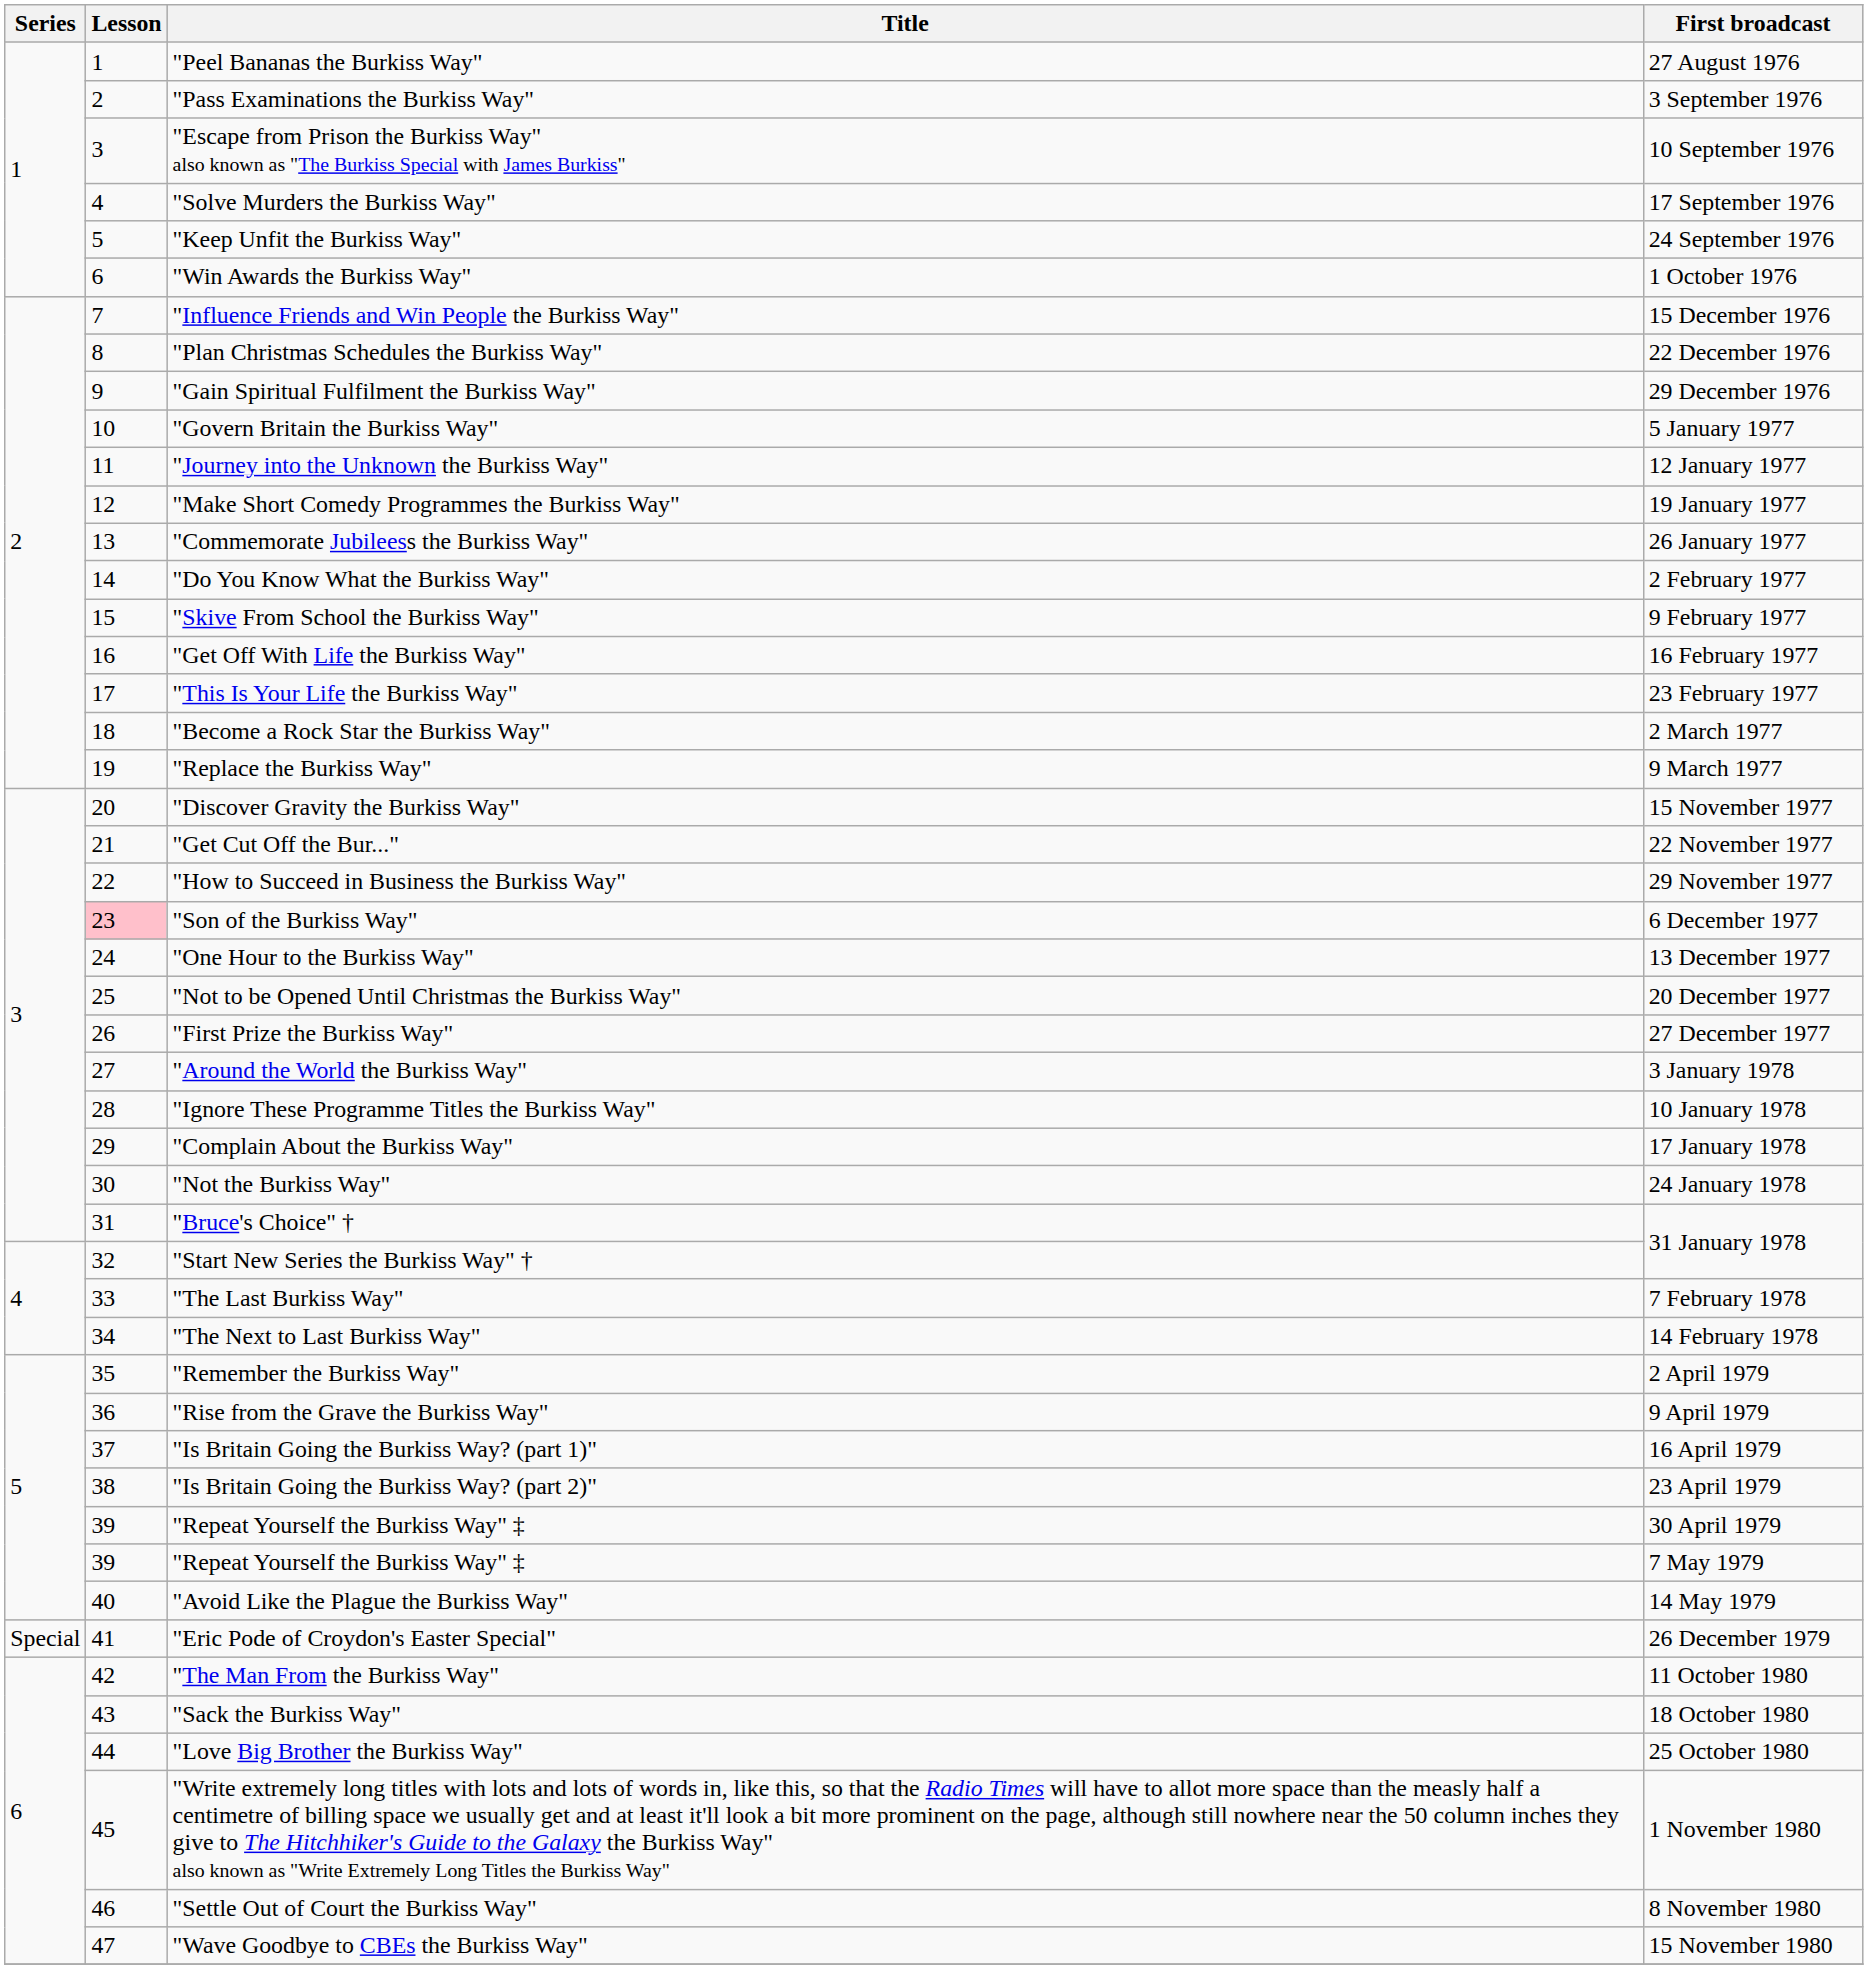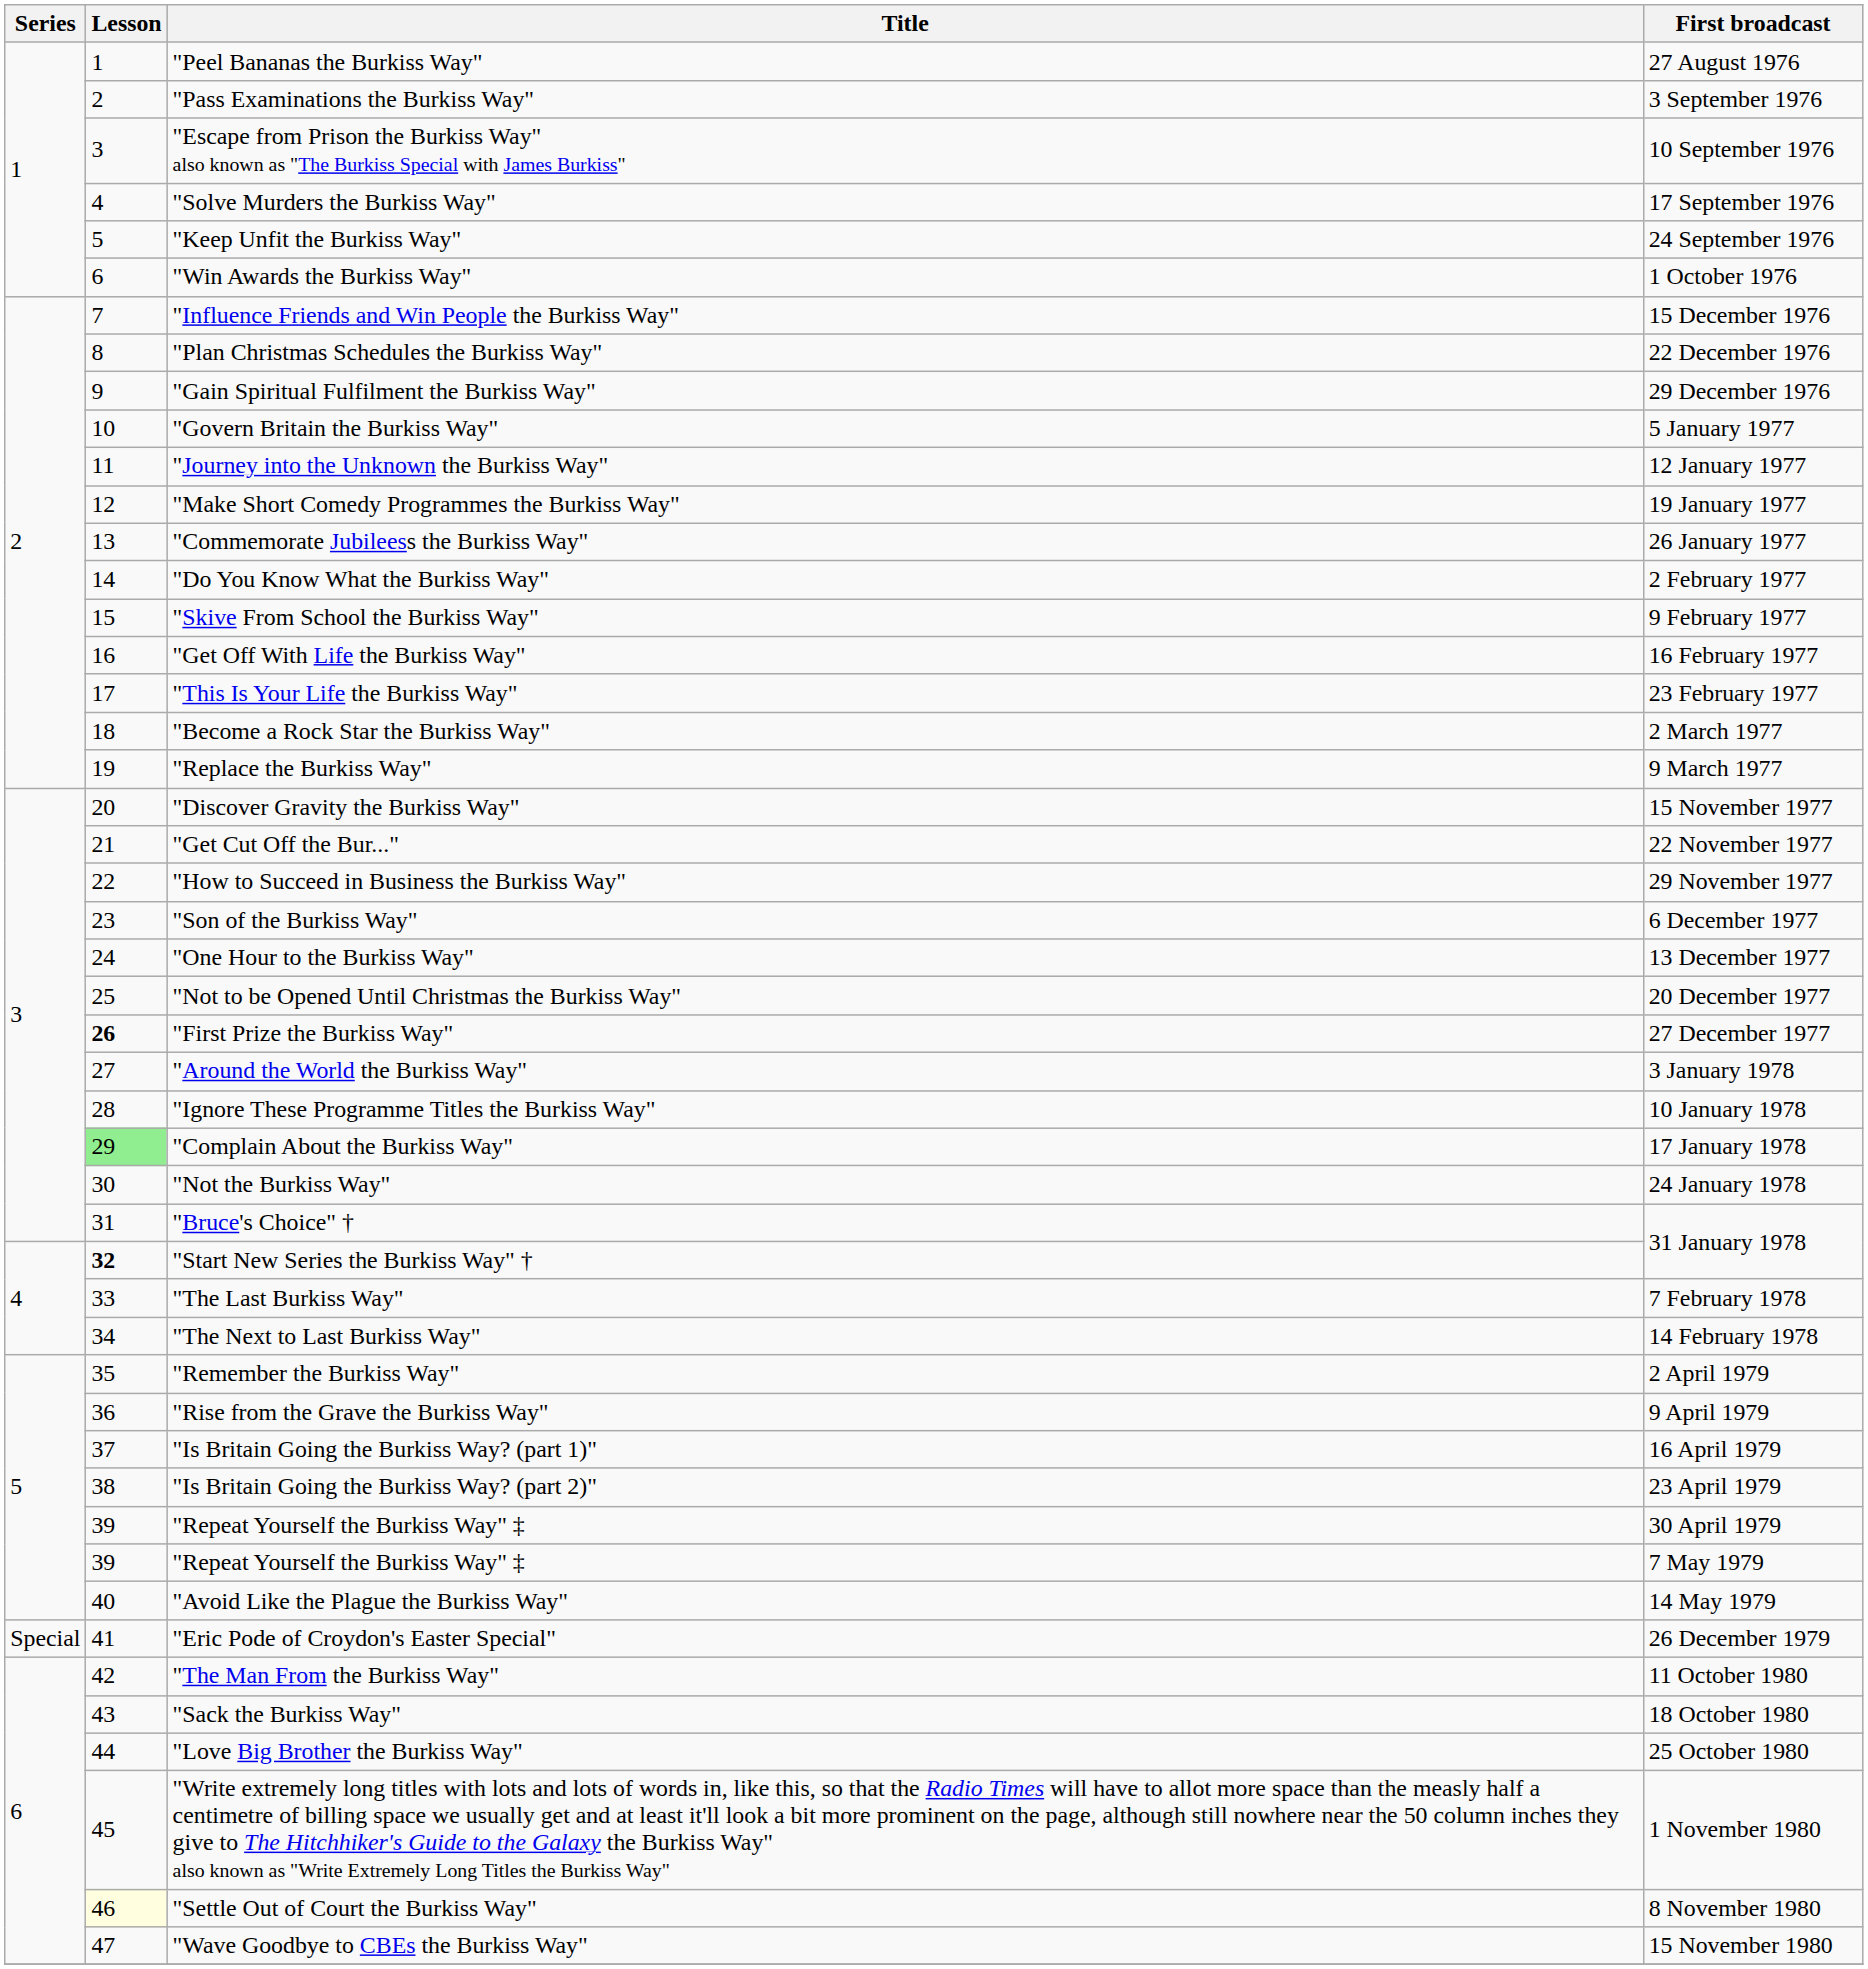 <table class="wikitable">
 <tr>
 <th>Series</th>
 <th>Lesson</th>
 <th>Title</th>
 <th scope="col" width="140">First broadcast</th>
 </tr>
 <tr>
 <td rowspan="6">1</td>
 <td>1</td>
 <td>"Peel Bananas the Burkiss Way"</td>
 <td>27 August 1976</td>
 </tr>
 <tr>
 <td>2</td>
 <td>"Pass Examinations the Burkiss Way"</td>
 <td>3 September 1976</td>
 </tr>
 <tr>
 <td>3</td>
 <td>"Escape from Prison the Burkiss Way"<br><small>also known as "<a href='#'>The Burkiss Special</a> with <a href='#'>James Burkiss</a>"</small></td>
 <td>10 September 1976</td>
 </tr>
 <tr>
 <td>4</td>
 <td>"Solve Murders the Burkiss Way"</td>
 <td>17 September 1976</td>
 </tr>
 <tr>
 <td>5</td>
 <td>"Keep Unfit the Burkiss Way"</td>
 <td>24 September 1976</td>
 </tr>
 <tr>
 <td>6</td>
 <td>"Win Awards the Burkiss Way"</td>
 <td>1 October 1976</td>
 </tr>
 <tr>
 <td rowspan="13">2</td>
 <td>7</td>
 <td>"<a href='#'>Influence Friends and Win People</a> the Burkiss Way"</td>
 <td>15 December 1976</td>
 </tr>
 <tr>
 <td>8</td>
 <td>"Plan Christmas Schedules the Burkiss Way"</td>
 <td>22 December 1976</td>
 </tr>
 <tr>
 <td>9</td>
 <td>"Gain Spiritual Fulfilment the Burkiss Way"</td>
 <td>29 December 1976</td>
 </tr>
 <tr>
 <td>10</td>
 <td>"Govern Britain the Burkiss Way"</td>
 <td>5 January 1977</td>
 </tr>
 <tr>
 <td>11</td>
 <td>"<a href='#'>Journey into the Unknown</a> the Burkiss Way"</td>
 <td>12 January 1977</td>
 </tr>
 <tr>
 <td>12</td>
 <td>"Make Short Comedy Programmes the Burkiss Way"</td>
 <td>19 January 1977</td>
 </tr>
 <tr>
 <td>13</td>
 <td>"Commemorate <a href='#'>Jubilees</a>s the Burkiss Way"</td>
 <td>26 January 1977</td>
 </tr>
 <tr>
 <td>14</td>
 <td>"Do You Know What the Burkiss Way"</td>
 <td>2 February 1977</td>
 </tr>
 <tr>
 <td>15</td>
 <td>"<a href='#'>Skive</a> From School the Burkiss Way"</td>
 <td>9 February 1977</td>
 </tr>
 <tr>
 <td>16</td>
 <td>"Get Off With <a href='#'>Life</a> the Burkiss Way"</td>
 <td>16 February 1977</td>
 </tr>
 <tr>
 <td>17</td>
 <td>"<a href='#'>This Is Your Life</a> the Burkiss Way"</td>
 <td>23 February 1977</td>
 </tr>
 <tr>
 <td>18</td>
 <td>"Become a Rock Star the Burkiss Way"</td>
 <td>2 March 1977</td>
 </tr>
 <tr>
 <td>19</td>
 <td>"Replace the Burkiss Way"</td>
 <td>9 March 1977</td>
 </tr>
 <tr>
 <td rowspan="12">3</td>
 <td>20</td>
 <td>"Discover Gravity the Burkiss Way"</td>
 <td>15 November 1977</td>
 </tr>
 <tr>
 <td>21</td>
 <td>"Get Cut Off the Bur..."</td>
 <td>22 November 1977</td>
 </tr>
 <tr>
 <td>22</td>
 <td>"How to Succeed in Business the Burkiss Way"</td>
 <td>29 November 1977</td>
 </tr>
 <tr>
-<td style="background: pink;">23</td>
+<td>23</td>
 <td>"Son of the Burkiss Way"</td>
 <td>6 December 1977</td>
 </tr>
 <tr>
 <td>24</td>
 <td>"One Hour to the Burkiss Way"</td>
 <td>13 December 1977</td>
 </tr>
 <tr>
 <td>25</td>
 <td>"Not to be Opened Until Christmas the Burkiss Way"</td>
 <td>20 December 1977</td>
 </tr>
 <tr>
-<td>26</td>
+<td><strong>26</strong></td>
 <td>"First Prize the Burkiss Way"</td>
 <td>27 December 1977</td>
 </tr>
 <tr>
 <td>27</td>
 <td>"<a href='#'>Around the World</a> the Burkiss Way"</td>
 <td>3 January 1978</td>
 </tr>
 <tr>
 <td>28</td>
 <td>"Ignore These Programme Titles the Burkiss Way"</td>
 <td>10 January 1978</td>
 </tr>
 <tr>
-<td>29</td>
+<td style="background: lightgreen;">29</td>
 <td>"Complain About the Burkiss Way"</td>
 <td>17 January 1978</td>
 </tr>
 <tr>
 <td>30</td>
 <td>"Not the Burkiss Way"</td>
 <td>24 January 1978</td>
 </tr>
 <tr>
 <td>31</td>
 <td>"<a href='#'>Bruce</a>'s Choice" †</td>
 <td rowspan="2">31 January 1978</td>
 </tr>
 <tr>
 <td rowspan="3">4</td>
-<td>32</td>
+<td><strong>32</strong></td>
 <td>"Start New Series the Burkiss Way" †</td>
 </tr>
 <tr>
 <td>33</td>
 <td>"The Last Burkiss Way"</td>
 <td>7 February 1978</td>
 </tr>
 <tr>
 <td>34</td>
 <td>"The Next to Last Burkiss Way"</td>
 <td>14 February 1978</td>
 </tr>
 <tr>
 <td rowspan="7">5</td>
 <td>35</td>
 <td>"Remember the Burkiss Way"</td>
 <td>2 April 1979</td>
 </tr>
 <tr>
 <td>36</td>
 <td>"Rise from the Grave the Burkiss Way"</td>
 <td>9 April 1979</td>
 </tr>
 <tr>
 <td>37</td>
 <td>"Is Britain Going the Burkiss Way? (part 1)"</td>
 <td>16 April 1979</td>
 </tr>
 <tr>
 <td>38</td>
 <td>"Is Britain Going the Burkiss Way? (part 2)"</td>
 <td>23 April 1979</td>
 </tr>
 <tr>
 <td>39</td>
 <td>"Repeat Yourself the Burkiss Way" ‡</td>
 <td>30 April 1979</td>
 </tr>
 <tr>
 <td>39</td>
 <td>"Repeat Yourself the Burkiss Way" ‡</td>
 <td>7 May 1979 </td>
 </tr>
 <tr>
 <td>40</td>
 <td>"Avoid Like the Plague the Burkiss Way"</td>
 <td>14 May 1979</td>
 </tr>
 <tr>
 <td>Special</td>
 <td>41</td>
 <td>"Eric Pode of Croydon's Easter Special"</td>
 <td>26 December 1979</td>
 </tr>
 <tr>
 <td rowspan="6">6</td>
 <td>42</td>
 <td>"<a href='#'>The Man From</a> the Burkiss Way"</td>
 <td>11 October 1980</td>
 </tr>
 <tr>
 <td>43</td>
 <td>"Sack the Burkiss Way"</td>
 <td>18 October 1980</td>
 </tr>
 <tr>
 <td>44</td>
 <td>"Love <a href='#'>Big Brother</a> the Burkiss Way"</td>
 <td>25 October 1980</td>
 </tr>
 <tr>
 <td>45</td>
 <td>"Write extremely long titles with lots and lots of words in, like this, so that the <em><a href='#'>Radio Times</a></em> will have to allot more space than the measly half a centimetre of billing space we usually get and at least it'll look a bit more prominent on the page, although still nowhere near the 50 column inches they give to <em><a href='#'>The Hitchhiker's Guide to the Galaxy</a></em> the Burkiss Way"<br><small>also known as "Write Extremely Long Titles the Burkiss Way"</small></td>
 <td>1 November 1980</td>
 </tr>
 <tr>
-<td>46</td>
+<td style="background: lightyellow;">46</td>
 <td>"Settle Out of Court the Burkiss Way"</td>
 <td>8 November 1980</td>
 </tr>
 <tr>
 <td>47</td>
 <td>"Wave Goodbye to <a href='#'>CBEs</a> the Burkiss Way"</td>
 <td>15 November 1980</td>
 </tr>
 <tr>
 </tr>
 </table>
